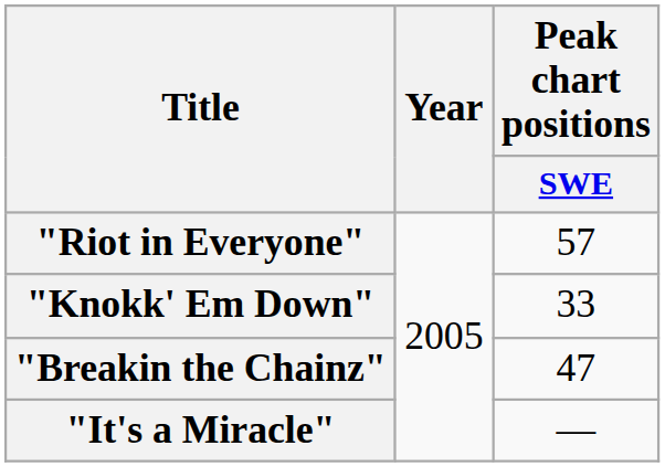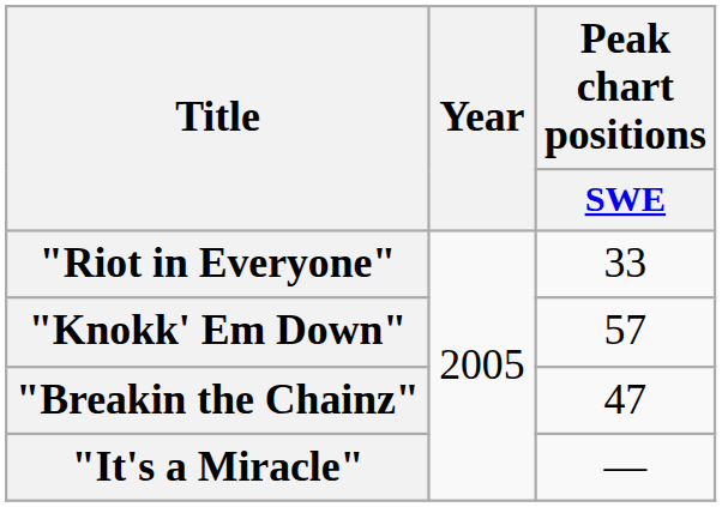 <table class="wikitable plainrowheaders" style="text-align:center">
 <tr>
 <th scope="col" rowspan="2">Title</th>
 <th scope="col" rowspan="2">Year</th>
 <th scope="col" colspan="1">Peak chart positions</th>
 </tr>
 <tr>
 <th scope="col" style="width:3em;font-size:85%;"><a href='#'>SWE</a><br></th>
 </tr>
 <tr>
 <th scope="row">"Riot in Everyone"</th>
 <td rowspan="4">2005</td>
-<td>57</td>
+<td>33</td>
 </tr>
 <tr>
 <th scope="row">"Knokk' Em Down"</th>
-<td>33</td>
+<td>57</td>
 </tr>
 <tr>
 <th scope="row">"Breakin the Chainz"</th>
 <td>47</td>
 </tr>
 <tr>
 <th scope="row">"It's a Miracle"</th>
 <td>—</td>
 </tr>
 </table>
